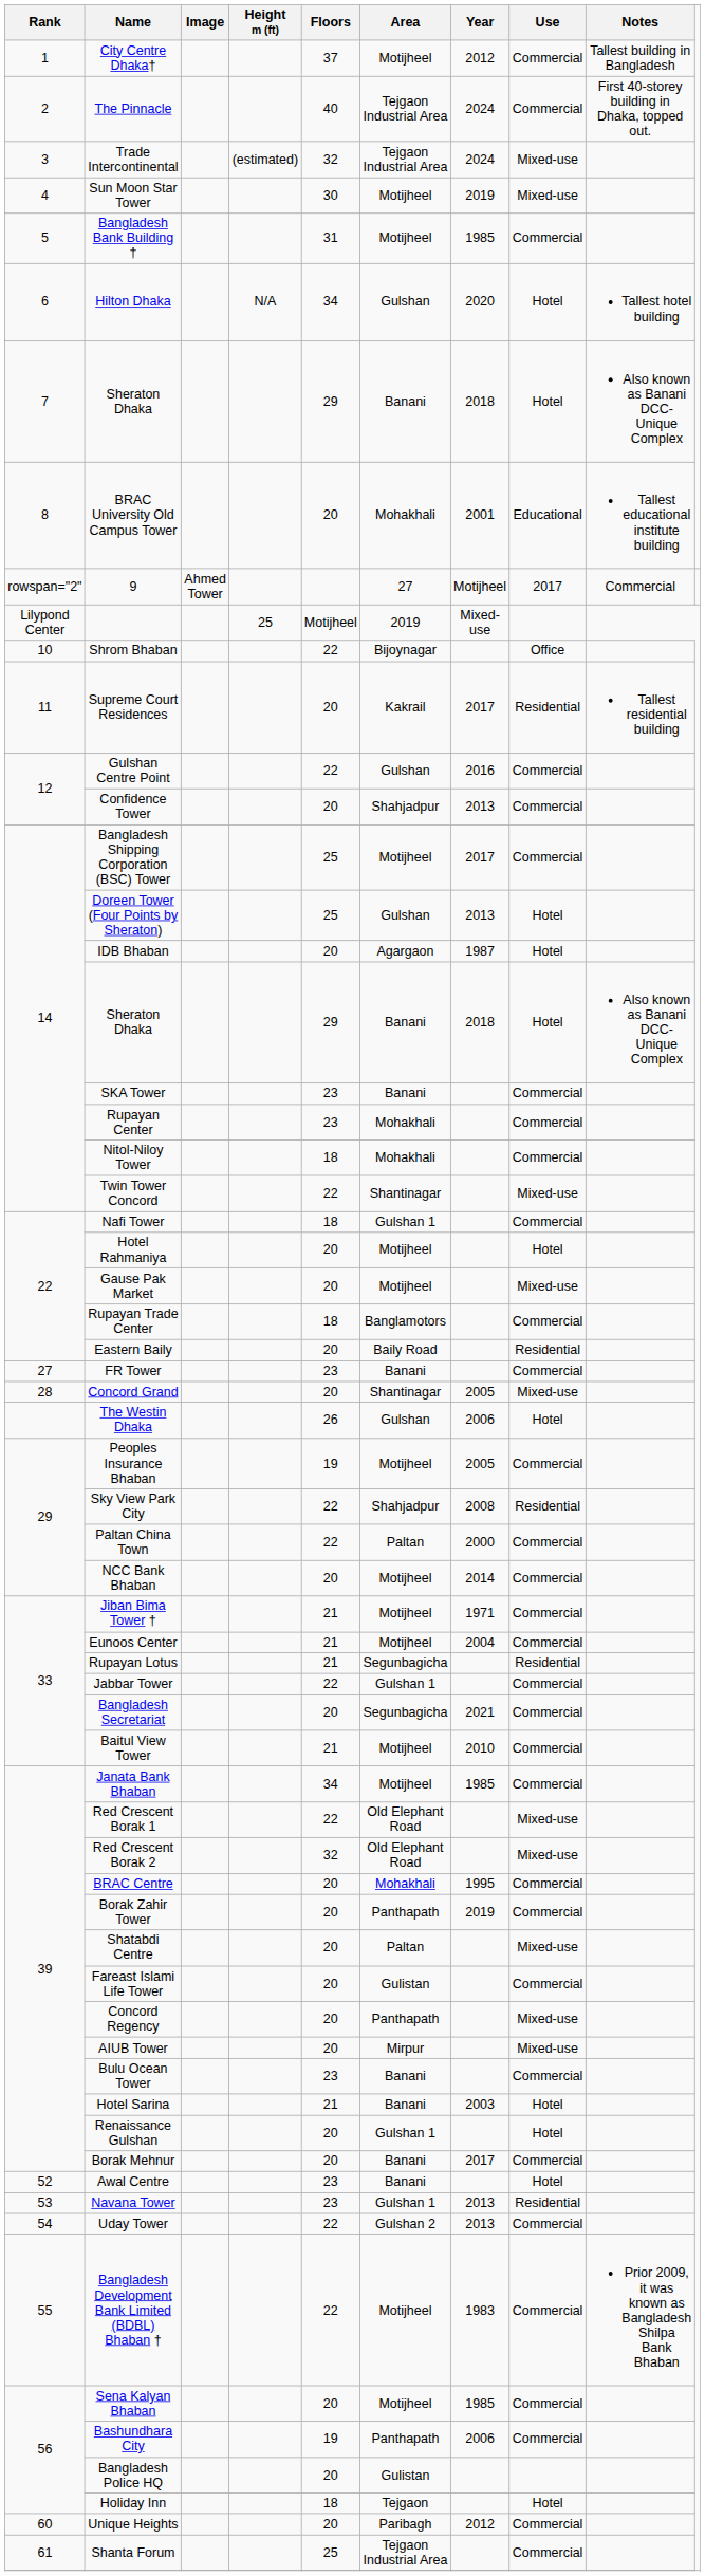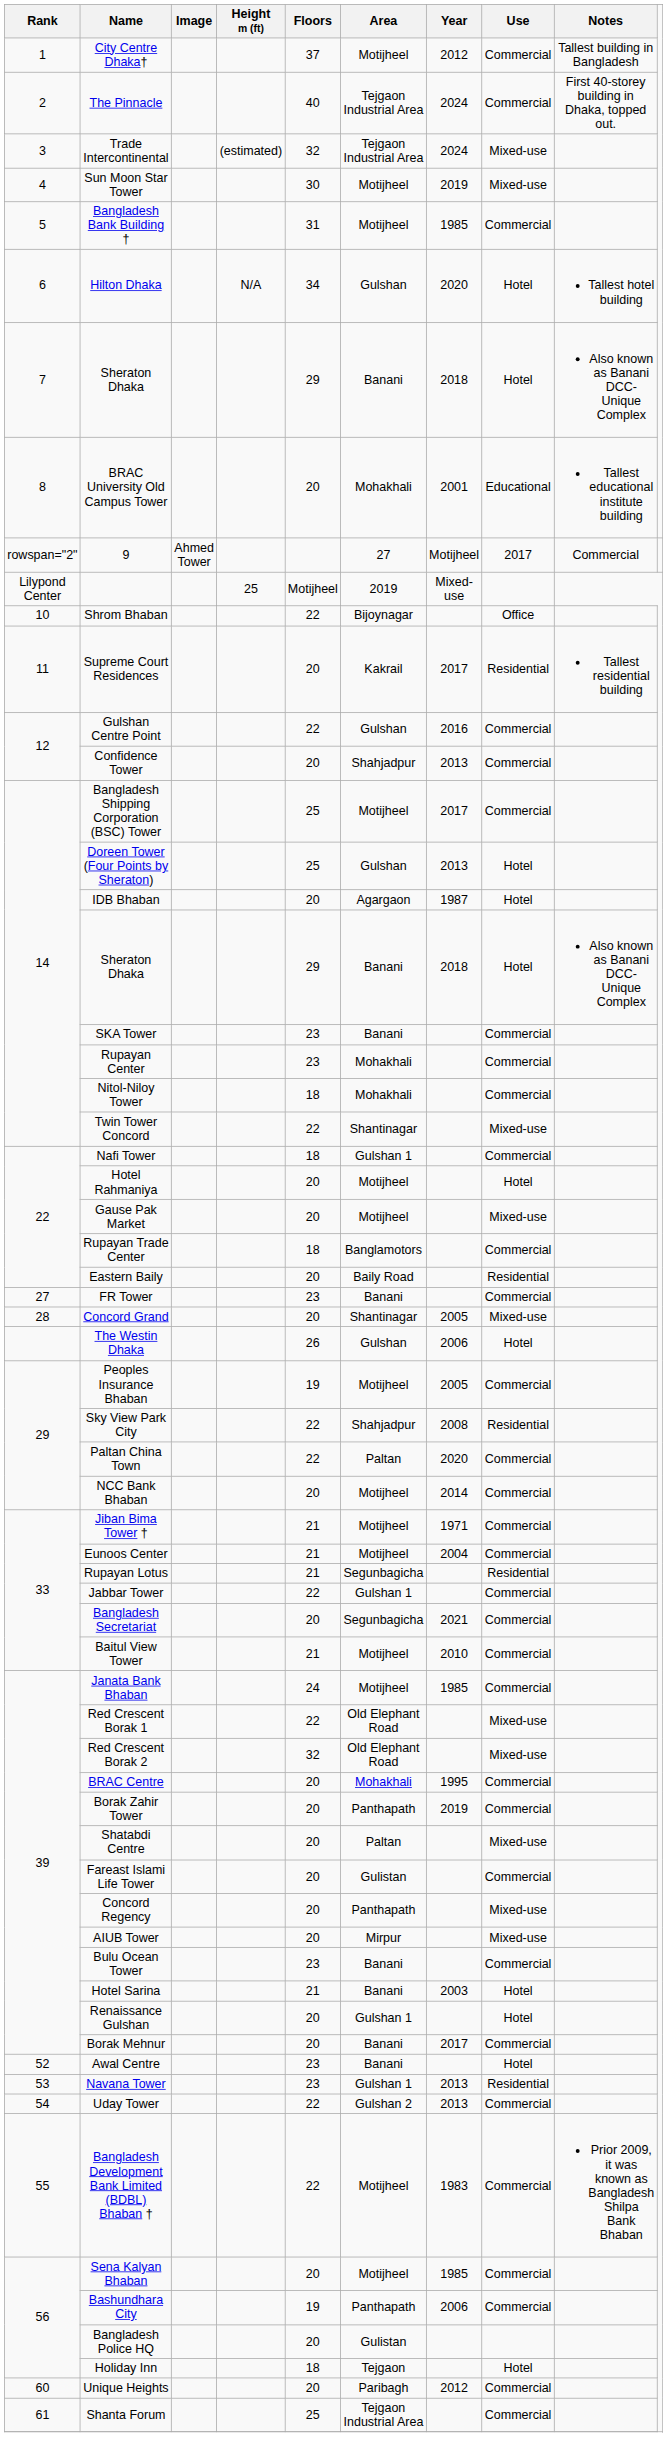 <table class="wikitable sortable" style="text-align: center">
 <tr>
 <th>Rank</th>
 <th>Name</th>
 <th class="unsortable">Image</th>
 <th data-sort-type="number">Height<br><small>m (ft)</small></th>
 <th>Floors</th>
 <th>Area</th>
 <th>Year</th>
 <th>Use</th>
 <th class="unsortable">Notes</th>
 </tr>
 <tr>
 <td>1</td>
 <td><a href='#'>City Centre Dhaka</a>†</td>
 <td></td>
 <td></td>
 <td>37</td>
 <td>Motijheel</td>
 <td>2012</td>
 <td><span>Commercial</span></td>
 <td>Tallest building in Bangladesh</td>
 </tr>
 <tr>
 <td>2</td>
 <td><a href='#'>The Pinnacle</a></td>
 <td></td>
 <td></td>
 <td>40</td>
 <td>Tejgaon Industrial Area</td>
 <td>2024</td>
 <td>Commercial</td>
 <td>First 40-storey building in Dhaka, topped out.</td>
 </tr>
 <tr>
 <td>3</td>
 <td>Trade Intercontinental</td>
 <td></td>
 <td> (estimated)</td>
 <td>32</td>
 <td>Tejgaon Industrial Area</td>
 <td>2024</td>
 <td><span>Mixed-use</span></td>
 <td></td>
 </tr>
 <tr>
 <td>4</td>
 <td>Sun Moon Star Tower</td>
 <td></td>
 <td></td>
 <td>30</td>
 <td>Motijheel</td>
 <td>2019</td>
 <td><span>Mixed-use</span></td>
 <td></td>
 </tr>
 <tr>
 <td>5</td>
 <td><a href='#'>Bangladesh Bank Building</a> †</td>
 <td></td>
 <td></td>
 <td>31</td>
 <td>Motijheel</td>
 <td>1985</td>
 <td><span>Commercial</span></td>
 <td></td>
 </tr>
 <tr>
 <td>6</td>
 <td><a href='#'>Hilton Dhaka</a></td>
 <td></td>
 <td>N/A</td>
 <td>34</td>
 <td>Gulshan</td>
 <td>2020</td>
 <td><span>Hotel</span></td>
 <td><br><ul><li>Tallest hotel building</li></ul></td>
 </tr>
 <tr>
 <td>7</td>
 <td>Sheraton Dhaka</td>
 <td></td>
 <td></td>
 <td>29</td>
 <td>Banani</td>
 <td>2018</td>
 <td><span>Hotel</span></td>
 <td><br><ul><li>Also known as Banani DCC-Unique Complex</li></ul></td>
 </tr>
 <tr>
 <td>8</td>
 <td>BRAC University Old Campus Tower</td>
 <td></td>
 <td></td>
 <td>20</td>
 <td>Mohakhali</td>
 <td>2001</td>
 <td><span>Educational</span></td>
 <td><br><ul><li>Tallest educational institute building</li></ul></td>
 </tr>
 <tr>
 <td>rowspan="2"</td>
 <td>9</td>
 <td>Ahmed Tower</td>
 <td></td>
 <td></td>
 <td>27</td>
 <td>Motijheel</td>
 <td>2017</td>
 <td><span>Commercial</span></td>
 <td></td>
 </tr>
 <tr>
 <td>Lilypond Center</td>
 <td></td>
 <td></td>
 <td>25</td>
 <td>Motijheel</td>
 <td>2019</td>
 <td><span>Mixed-use</span></td>
 <td></td>
 </tr>
 <tr>
 <td>10</td>
 <td>Shrom Bhaban</td>
 <td></td>
 <td></td>
 <td>22</td>
 <td>Bijoynagar</td>
 <td></td>
 <td><span>Office</span></td>
 <td></td>
 </tr>
 <tr>
 <td>11</td>
 <td>Supreme Court Residences</td>
 <td></td>
 <td></td>
 <td>20</td>
 <td>Kakrail</td>
 <td>2017</td>
 <td><span>Residential</span></td>
 <td><br><ul><li>Tallest residential building</li></ul></td>
 </tr>
 <tr>
 <td rowspan="2">12</td>
 <td>Gulshan Centre Point</td>
 <td></td>
 <td></td>
 <td>22</td>
 <td>Gulshan</td>
 <td>2016</td>
 <td><span>Commercial</span></td>
 <td></td>
 </tr>
 <tr>
 <td>Confidence Tower</td>
 <td></td>
 <td></td>
 <td>20</td>
 <td>Shahjadpur</td>
 <td>2013</td>
 <td><span>Commercial</span></td>
 <td></td>
 </tr>
 <tr>
 <td rowspan="8">14</td>
 <td>Bangladesh Shipping Corporation (BSC) Tower</td>
 <td></td>
 <td></td>
 <td>25</td>
 <td>Motijheel</td>
 <td>2017</td>
 <td><span>Commercial</span></td>
 <td></td>
 </tr>
 <tr>
 <td><a href='#'>Doreen Tower</a> (<a href='#'>Four Points by Sheraton</a>)</td>
 <td></td>
 <td></td>
 <td>25</td>
 <td>Gulshan</td>
 <td>2013</td>
 <td><span>Hotel</span></td>
 <td></td>
 </tr>
 <tr>
 <td>IDB Bhaban</td>
 <td></td>
 <td></td>
 <td>20</td>
 <td>Agargaon</td>
 <td>1987</td>
 <td><span>Hotel</span></td>
 <td></td>
 </tr>
 <tr>
 <td>Sheraton Dhaka</td>
 <td></td>
 <td></td>
 <td>29</td>
 <td>Banani</td>
 <td>2018</td>
 <td><span>Hotel</span></td>
 <td><br><ul><li>Also known as Banani DCC-Unique Complex</li></ul></td>
 </tr>
 <tr>
 <td>SKA Tower</td>
 <td></td>
 <td></td>
 <td>23</td>
 <td>Banani</td>
 <td></td>
 <td><span>Commercial</span></td>
 <td></td>
 </tr>
 <tr>
 <td>Rupayan Center</td>
 <td></td>
 <td></td>
 <td>23</td>
 <td>Mohakhali</td>
 <td></td>
 <td><span>Commercial</span></td>
 <td></td>
 </tr>
 <tr>
 <td>Nitol-Niloy Tower</td>
 <td></td>
 <td></td>
 <td>18</td>
 <td>Mohakhali</td>
 <td></td>
 <td><span>Commercial</span></td>
 <td></td>
 </tr>
 <tr>
 <td>Twin Tower Concord</td>
 <td></td>
 <td></td>
 <td>22</td>
 <td>Shantinagar</td>
 <td></td>
 <td><span>Mixed-use</span></td>
 <td></td>
 </tr>
 <tr>
 <td rowspan="5">22</td>
 <td>Nafi Tower</td>
 <td></td>
 <td></td>
 <td>18</td>
 <td>Gulshan 1</td>
 <td></td>
 <td><span>Commercial</span></td>
 <td></td>
 </tr>
 <tr>
 <td>Hotel Rahmaniya</td>
 <td></td>
 <td></td>
 <td>20</td>
 <td>Motijheel</td>
 <td></td>
 <td><span>Hotel</span></td>
 <td></td>
 </tr>
 <tr>
 <td>Gause Pak Market</td>
 <td></td>
 <td></td>
 <td>20</td>
 <td>Motijheel</td>
 <td></td>
 <td><span>Mixed-use</span></td>
 <td></td>
 </tr>
 <tr>
 <td>Rupayan Trade Center</td>
 <td></td>
 <td></td>
 <td>18</td>
 <td>Banglamotors</td>
 <td></td>
 <td><span>Commercial</span></td>
 <td></td>
 </tr>
 <tr>
 <td>Eastern Baily</td>
 <td></td>
 <td></td>
 <td>20</td>
 <td>Baily Road</td>
 <td></td>
 <td>Residential</td>
 <td></td>
 </tr>
 <tr>
 <td>27</td>
 <td>FR Tower</td>
 <td></td>
 <td></td>
 <td>23</td>
 <td>Banani</td>
 <td></td>
 <td><span>Commercial</span></td>
 <td></td>
 </tr>
 <tr>
 <td>28</td>
 <td><a href='#'>Concord Grand</a></td>
 <td></td>
 <td></td>
 <td>20</td>
 <td>Shantinagar</td>
 <td>2005</td>
 <td><span>Mixed-use</span></td>
 <td></td>
 </tr>
 <tr>
 <td></td>
 <td><a href='#'>The Westin Dhaka</a></td>
 <td></td>
 <td></td>
 <td>26</td>
 <td>Gulshan</td>
 <td>2006</td>
 <td><span>Hotel</span></td>
 <td></td>
 </tr>
 <tr>
 <td rowspan="4">29</td>
 <td>Peoples Insurance Bhaban</td>
 <td></td>
 <td></td>
 <td>19</td>
 <td>Motijheel</td>
 <td>2005</td>
 <td><span>Commercial</span></td>
 <td></td>
 </tr>
 <tr>
 <td>Sky View Park City</td>
 <td></td>
 <td></td>
 <td>22</td>
 <td>Shahjadpur</td>
 <td>2008</td>
 <td><span>Residential</span></td>
 <td></td>
 </tr>
 <tr>
 <td>Paltan China Town</td>
 <td></td>
 <td></td>
 <td>22</td>
 <td>Paltan</td>
-<td>2000</td>
+<td>2020</td>
 <td><span>Commercial</span></td>
 <td></td>
 </tr>
 <tr>
 <td>NCC Bank Bhaban</td>
 <td></td>
 <td></td>
 <td>20</td>
 <td>Motijheel</td>
 <td>2014</td>
 <td><span>Commercial</span></td>
 <td></td>
 </tr>
 <tr>
 <td rowspan="6">33</td>
 <td><a href='#'>Jiban Bima Tower</a> †</td>
 <td></td>
 <td></td>
 <td>21</td>
 <td>Motijheel</td>
 <td>1971</td>
 <td><span>Commercial</span></td>
 <td></td>
 </tr>
 <tr>
 <td>Eunoos Center</td>
 <td></td>
 <td></td>
 <td>21</td>
 <td>Motijheel</td>
 <td>2004</td>
 <td><span>Commercial</span></td>
 <td></td>
 </tr>
 <tr>
 <td>Rupayan Lotus</td>
 <td></td>
 <td></td>
 <td>21</td>
 <td>Segunbagicha</td>
 <td></td>
 <td><span>Residential</span></td>
 <td></td>
 </tr>
 <tr>
 <td>Jabbar Tower</td>
 <td></td>
 <td></td>
 <td>22</td>
 <td>Gulshan 1</td>
 <td></td>
 <td><span>Commercial</span></td>
 <td></td>
 </tr>
 <tr>
 <td><a href='#'>Bangladesh Secretariat</a></td>
 <td></td>
 <td></td>
 <td>20</td>
 <td>Segunbagicha</td>
 <td>2021</td>
 <td>Commercial</td>
 <td></td>
 </tr>
 <tr>
 <td>Baitul View Tower</td>
 <td></td>
 <td></td>
 <td>21</td>
 <td>Motijheel</td>
 <td>2010</td>
 <td><span>Commercial</span></td>
 <td></td>
 </tr>
 <tr>
 <td rowspan="13">39</td>
 <td><a href='#'>Janata Bank Bhaban</a></td>
 <td></td>
 <td></td>
-<td>34</td>
+<td>24</td>
 <td>Motijheel</td>
 <td>1985</td>
 <td><span>Commercial</span></td>
 <td></td>
 </tr>
 <tr>
 <td>Red Crescent Borak 1</td>
 <td></td>
 <td></td>
 <td>22</td>
 <td>Old Elephant Road</td>
 <td></td>
 <td><span>Mixed-use</span></td>
 <td></td>
 </tr>
 <tr>
 <td>Red Crescent Borak 2</td>
 <td></td>
 <td></td>
 <td>32</td>
 <td>Old Elephant Road</td>
 <td></td>
 <td><span>Mixed-use</span></td>
 <td></td>
 </tr>
 <tr>
 <td><a href='#'>BRAC Centre</a></td>
 <td></td>
 <td></td>
 <td>20</td>
 <td><a href='#'>Mohakhali</a></td>
 <td>1995</td>
 <td><span>Commercial</span></td>
 <td></td>
 </tr>
 <tr>
 <td>Borak Zahir Tower</td>
 <td></td>
 <td></td>
 <td>20</td>
 <td>Panthapath</td>
 <td>2019</td>
 <td><span>Commercial</span></td>
 <td></td>
 </tr>
 <tr>
 <td>Shatabdi Centre</td>
 <td></td>
 <td></td>
 <td>20</td>
 <td>Paltan</td>
 <td></td>
 <td><span>Mixed-use</span></td>
 <td></td>
 </tr>
 <tr>
 <td>Fareast Islami Life Tower</td>
 <td></td>
 <td></td>
 <td>20</td>
 <td>Gulistan</td>
 <td></td>
 <td><span>Commercial</span></td>
 <td></td>
 </tr>
 <tr>
 <td>Concord Regency</td>
 <td></td>
 <td></td>
 <td>20</td>
 <td>Panthapath</td>
 <td></td>
 <td><span>Mixed-use</span></td>
 <td></td>
 </tr>
 <tr>
 <td>AIUB Tower</td>
 <td></td>
 <td></td>
 <td>20</td>
 <td>Mirpur</td>
 <td></td>
 <td><span>Mixed-use</span></td>
 <td></td>
 </tr>
 <tr>
 <td>Bulu Ocean Tower</td>
 <td></td>
 <td></td>
 <td>23</td>
 <td>Banani</td>
 <td></td>
 <td><span>Commercial</span></td>
 <td></td>
 </tr>
 <tr>
 <td>Hotel Sarina</td>
 <td></td>
 <td></td>
 <td>21</td>
 <td>Banani</td>
 <td>2003</td>
 <td><span>Hotel</span></td>
 <td></td>
 </tr>
 <tr>
 <td>Renaissance Gulshan</td>
 <td></td>
 <td></td>
 <td>20</td>
 <td>Gulshan 1</td>
 <td></td>
 <td><span>Hotel</span></td>
 <td></td>
 </tr>
 <tr>
 <td>Borak Mehnur</td>
 <td></td>
 <td></td>
 <td>20</td>
 <td>Banani</td>
 <td>2017</td>
 <td><span>Commercial</span></td>
 <td></td>
 </tr>
 <tr>
 <td>52</td>
 <td>Awal Centre</td>
 <td></td>
 <td></td>
 <td>23</td>
 <td>Banani</td>
 <td></td>
 <td><span>Hotel</span></td>
 <td></td>
 </tr>
 <tr>
 <td>53</td>
 <td><a href='#'>Navana Tower</a></td>
 <td></td>
 <td></td>
 <td>23</td>
 <td>Gulshan 1</td>
 <td>2013</td>
 <td><span>Residential</span></td>
 <td></td>
 </tr>
 <tr>
 <td>54</td>
 <td>Uday Tower</td>
 <td></td>
 <td></td>
 <td>22</td>
 <td>Gulshan 2</td>
 <td>2013</td>
 <td><span>Commercial</span></td>
 <td></td>
 </tr>
 <tr>
 <td>55</td>
 <td><a href='#'>Bangladesh Development Bank Limited (BDBL) Bhaban</a> †</td>
 <td></td>
 <td></td>
 <td>22</td>
 <td>Motijheel</td>
 <td>1983</td>
 <td><span>Commercial</span></td>
 <td><br><ul><li>Prior 2009, it was known as Bangladesh Shilpa Bank Bhaban</li></ul></td>
 </tr>
 <tr>
 <td rowspan="4">56</td>
 <td><a href='#'>Sena Kalyan Bhaban</a></td>
 <td></td>
 <td></td>
 <td>20</td>
 <td>Motijheel</td>
 <td>1985</td>
 <td><span>Commercial</span></td>
 <td></td>
 </tr>
 <tr>
 <td><a href='#'>Bashundhara City</a></td>
 <td></td>
 <td></td>
 <td>19</td>
 <td>Panthapath</td>
 <td>2006</td>
 <td><span>Commercial</span></td>
 <td></td>
 </tr>
 <tr>
 <td>Bangladesh Police HQ</td>
 <td></td>
 <td></td>
 <td>20</td>
 <td>Gulistan</td>
 <td></td>
 <td></td>
 <td></td>
 </tr>
 <tr>
 <td>Holiday Inn</td>
 <td></td>
 <td></td>
 <td>18</td>
 <td>Tejgaon</td>
 <td></td>
 <td><span>Hotel</span></td>
 <td></td>
 </tr>
 <tr>
 <td>60</td>
 <td>Unique Heights</td>
 <td></td>
 <td></td>
 <td>20</td>
 <td>Paribagh</td>
 <td>2012</td>
 <td><span>Commercial</span></td>
 <td></td>
 </tr>
 <tr>
 <td>61</td>
 <td>Shanta Forum</td>
 <td></td>
 <td></td>
 <td>25</td>
 <td>Tejgaon Industrial Area</td>
 <td></td>
 <td><span>Commercial</span></td>
 <td></td>
 </tr>
 <tr>
 </tr>
 </table>
